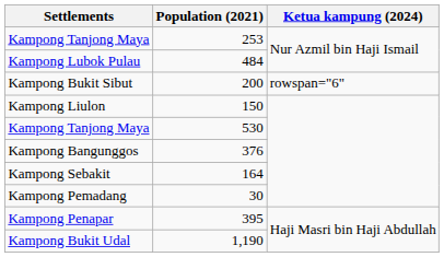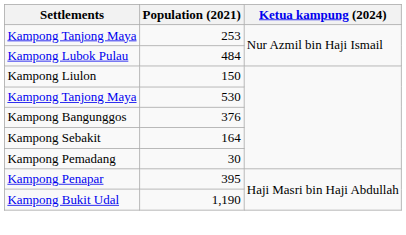 <table class="wikitable">
 <tr>
 <th>Settlements</th>
 <th>Population (2021)</th>
 <th><a href='#'>Ketua kampung</a> (2024)</th>
 </tr>
 <tr>
 <td><a href='#'>Kampong Tanjong Maya</a></td>
 <td align="right">253</td>
 <td rowspan="2">Nur Azmil bin Haji Ismail</td>
 </tr>
 <tr>
 <td><a href='#'>Kampong Lubok Pulau</a></td>
 <td align="right">484</td>
-</tr>
-<tr>
-<td>Kampong Bukit Sibut</td>
-<td align="right">200</td>
-<td>rowspan="6" </td>
 </tr>
 <tr>
 <td>Kampong Liulon</td>
 <td align="right">150</td>
 </tr>
 <tr>
 <td><a href='#'>Kampong Tanjong Maya</a></td>
 <td align="right">530</td>
 </tr>
 <tr>
 <td>Kampong Bangunggos</td>
 <td align="right">376</td>
 </tr>
 <tr>
 <td>Kampong Sebakit</td>
 <td align="right">164</td>
 </tr>
 <tr>
 <td>Kampong Pemadang</td>
 <td align="right">30</td>
 </tr>
 <tr>
 <td><a href='#'>Kampong Penapar</a></td>
 <td align="right">395</td>
 <td rowspan="2">Haji Masri bin Haji Abdullah</td>
 </tr>
 <tr>
 <td><a href='#'>Kampong Bukit Udal</a></td>
 <td align="right">1,190</td>
 </tr>
 </table>
